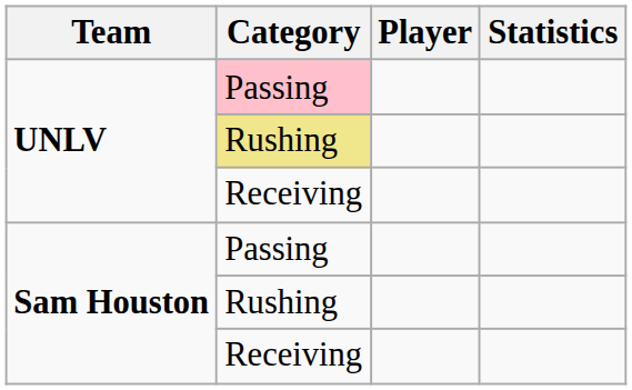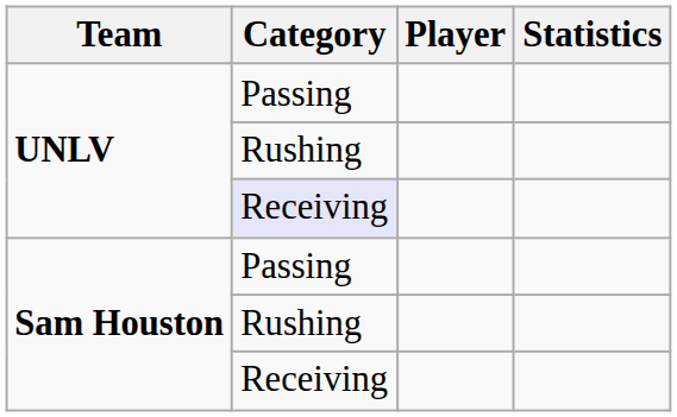 <table class="wikitable" style="float: right;">
 <tr>
 <th>Team</th>
 <th>Category</th>
 <th>Player</th>
 <th>Statistics</th>
 </tr>
 <tr>
 <td rowspan=3><strong>UNLV</strong></td>
-<td style="background: pink;">Passing</td>
+<td>Passing</td>
 <td></td>
 <td></td>
 </tr>
 <tr>
-<td style="background: khaki;">Rushing</td>
+<td>Rushing</td>
 <td></td>
 <td></td>
 </tr>
 <tr>
-<td>Receiving</td>
+<td style="background: lavender;">Receiving</td>
 <td></td>
 <td></td>
 </tr>
 <tr>
 <td rowspan=3><strong>Sam Houston</strong></td>
 <td>Passing</td>
 <td></td>
 <td></td>
 </tr>
 <tr>
 <td>Rushing</td>
 <td></td>
 <td></td>
 </tr>
 <tr>
 <td>Receiving</td>
 <td></td>
 <td></td>
 </tr>
 </table>
